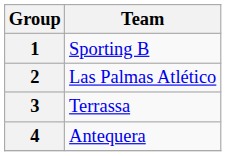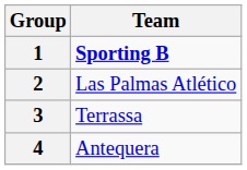 <table class="wikitable">
 <tr>
 <th>Group</th>
 <th>Team</th>
 </tr>
 <tr>
 <th>1</th>
-<td><a href='#'>Sporting B</a></td>
+<td><strong><a href='#'>Sporting B</a></strong></td>
 </tr>
 <tr>
 <th>2</th>
 <td><a href='#'>Las Palmas Atlético</a></td>
 </tr>
 <tr>
 <th>3</th>
 <td><a href='#'>Terrassa</a></td>
 </tr>
 <tr>
 <th>4</th>
 <td><a href='#'>Antequera</a></td>
 </tr>
 <tr>
 </tr>
 </table>
